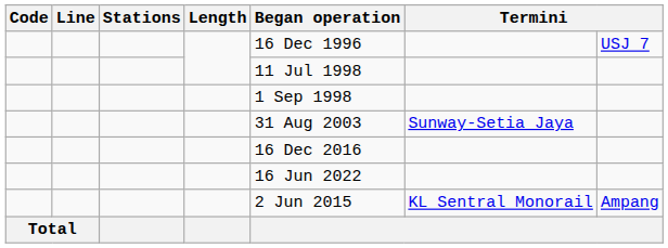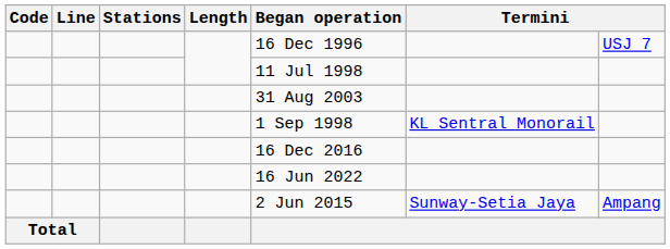 <table class="wikitable" style="margin:auto;">
 <tr>
 <th>Code</th>
 <th>Line</th>
 <th>Stations</th>
 <th>Length</th>
 <th>Began operation</th>
 <th colspan="2">Termini</th>
 </tr>
 <tr>
 <td><big></big></td>
 <td></td>
 <td></td>
 <td rowspan="2"></td>
 <td>16 Dec 1996</td>
 <td></td>
 <td><a href='#'>USJ 7</a></td>
 </tr>
 <tr>
 <td><big></big></td>
 <td></td>
 <td></td>
 <td>11 Jul 1998</td>
 <td></td>
 <td></td>
 </tr>
 <tr>
 <td><big></big></td>
 <td></td>
 <td></td>
 <td></td>
-<td>1 Sep 1998</td>
+<td>31 Aug 2003</td>
 <td></td>
 <td></td>
 </tr>
 <tr>
 <td><big></big></td>
 <td></td>
 <td></td>
 <td></td>
-<td>31 Aug 2003</td>
-<td><a href='#'>Sunway-Setia Jaya</a></td>
+<td>1 Sep 1998</td>
+<td><a href='#'>KL Sentral Monorail</a></td>
 <td></td>
 </tr>
 <tr>
 <td><big></big></td>
 <td></td>
 <td></td>
 <td></td>
 <td>16 Dec 2016</td>
 <td></td>
 <td></td>
 </tr>
 <tr>
 <td><big></big></td>
 <td></td>
 <td></td>
 <td></td>
 <td>16 Jun 2022</td>
 <td></td>
 <td></td>
 </tr>
 <tr>
 <td><big></big></td>
 <td></td>
 <td></td>
 <td></td>
 <td>2 Jun 2015</td>
-<td><a href='#'>KL Sentral Monorail</a></td>
+<td><a href='#'>Sunway-Setia Jaya</a></td>
 <td><a href='#'>Ampang</a></td>
 </tr>
 <tr>
 <th colspan="2" style="text-align:center;"><strong>Total</strong></th>
 <th></th>
 <th></th>
 <th colspan="4" style="text-align:center;"> </th>
 </tr>
 </table>
